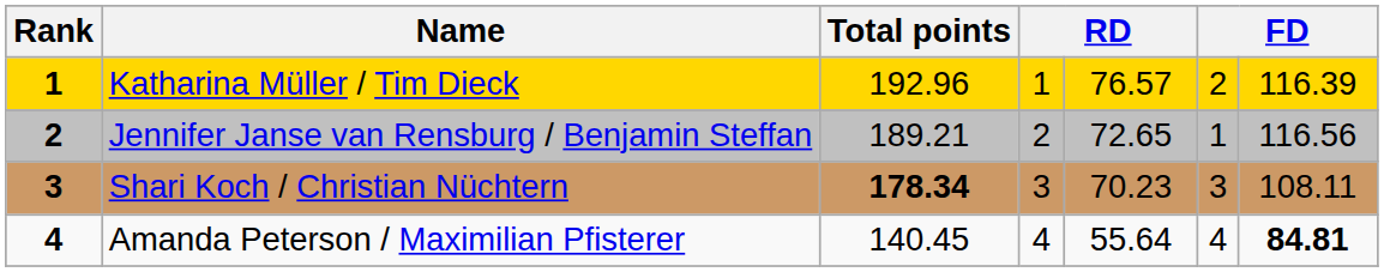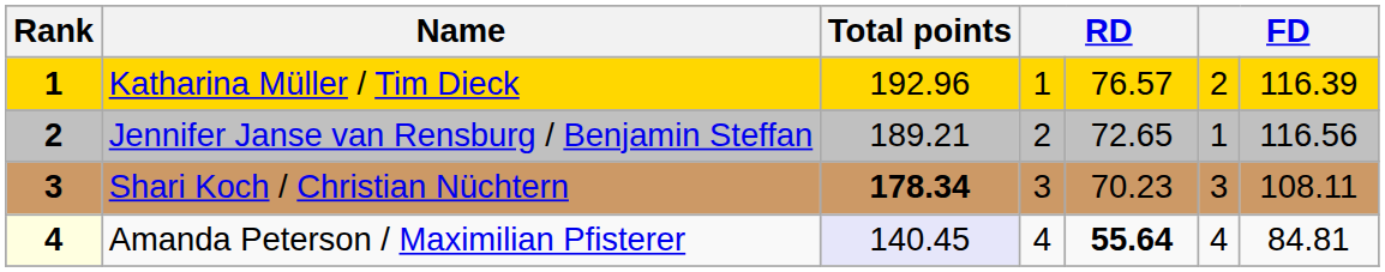 <table class="wikitable sortable">
 <tr>
 <th>Rank</th>
 <th>Name</th>
 <th>Total points</th>
 <th colspan="2" width="80px"><a href='#'>RD</a></th>
 <th colspan="2" width="80px"><a href='#'>FD</a></th>
 </tr>
 <tr bgcolor="gold">
 <td align="center"><strong>1</strong></td>
 <td><a href='#'>Katharina Müller</a> / <a href='#'>Tim Dieck</a></td>
 <td align="center">192.96</td>
 <td align="center">1</td>
 <td align="center">76.57</td>
 <td align="center">2</td>
 <td align="center">116.39</td>
 </tr>
 <tr bgcolor="silver">
 <td align="center"><strong>2</strong></td>
 <td><a href='#'>Jennifer Janse van Rensburg</a> / <a href='#'>Benjamin Steffan</a></td>
 <td align="center">189.21</td>
 <td align="center">2</td>
 <td align="center">72.65</td>
 <td align="center">1</td>
 <td align="center">116.56</td>
 </tr>
 <tr bgcolor="cc9966">
 <td align="center"><strong>3</strong></td>
 <td><a href='#'>Shari Koch</a> / <a href='#'>Christian Nüchtern</a></td>
 <td align="center"><strong>178.34</strong></td>
 <td align="center">3</td>
 <td align="center">70.23</td>
 <td align="center">3</td>
 <td align="center">108.11</td>
 </tr>
 <tr>
-<td align="center"><strong>4</strong></td>
+<td align="center" style="background: lightyellow;"><strong>4</strong></td>
 <td>Amanda Peterson / <a href='#'>Maximilian Pfisterer</a></td>
-<td align="center">140.45</td>
+<td align="center" style="background: lavender;">140.45</td>
 <td align="center">4</td>
-<td align="center">55.64</td>
+<td align="center"><strong>55.64</strong></td>
 <td align="center">4</td>
-<td align="center"><strong>84.81</strong></td>
+<td align="center">84.81</td>
 </tr>
 </table>
